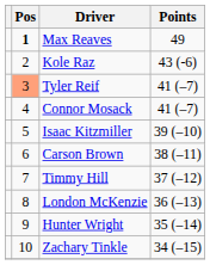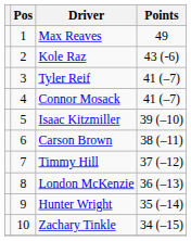 <table class="wikitable" style="font-size: 95%;">
 <tr>
 <th></th>
 <th>Pos</th>
 <th>Driver</th>
 <th>Points</th>
 </tr>
 <tr>
 <td align="left"></td>
-<td style="text-align:center;"><strong>1</strong></td>
+<td style="text-align:center;">1</td>
 <td><a href='#'>Max Reaves</a></td>
 <td style="text-align:center;">49</td>
 </tr>
 <tr>
 <td align="left"></td>
 <td style="text-align:center;">2</td>
 <td><a href='#'>Kole Raz</a></td>
 <td style="text-align:center;">43 (-6)</td>
 </tr>
 <tr>
 <td align="left"></td>
-<td style="background: lightsalmon; text-align:center;">3</td>
+<td style="text-align:center;">3</td>
 <td><a href='#'>Tyler Reif</a></td>
 <td style="text-align:center;">41 (–7)</td>
 </tr>
 <tr>
 <td align="left"></td>
 <td style="text-align:center;">4</td>
 <td><a href='#'>Connor Mosack</a></td>
 <td style="text-align:center;">41 (–7)</td>
 </tr>
 <tr>
 <td align="left"></td>
 <td style="text-align:center;">5</td>
 <td><a href='#'>Isaac Kitzmiller</a></td>
 <td style="text-align:center;">39 (–10)</td>
 </tr>
 <tr>
 <td align="left"></td>
 <td style="text-align:center;">6</td>
 <td><a href='#'>Carson Brown</a></td>
 <td style="text-align:center;">38 (–11)</td>
 </tr>
 <tr>
 <td align="left"></td>
 <td style="text-align:center;">7</td>
 <td><a href='#'>Timmy Hill</a></td>
 <td style="text-align:center;">37 (–12)</td>
 </tr>
 <tr>
 <td align="left"></td>
 <td style="text-align:center;">8</td>
 <td><a href='#'>London McKenzie</a></td>
 <td style="text-align:center;">36 (–13)</td>
 </tr>
 <tr>
 <td align="left"></td>
 <td style="text-align:center;">9</td>
 <td><a href='#'>Hunter Wright</a></td>
 <td style="text-align:center;">35 (–14)</td>
 </tr>
 <tr>
 <td align="left"></td>
 <td style="text-align:center;">10</td>
 <td><a href='#'>Zachary Tinkle</a></td>
 <td style="text-align:center;">34 (–15)</td>
 </tr>
 <tr class="sortbottom">
 </tr>
 </table>
